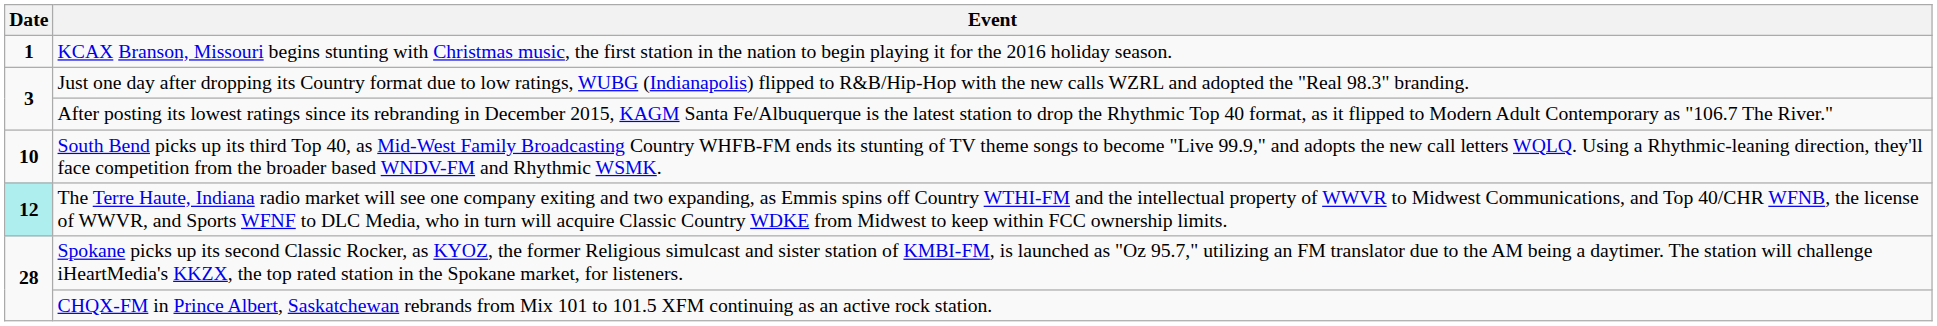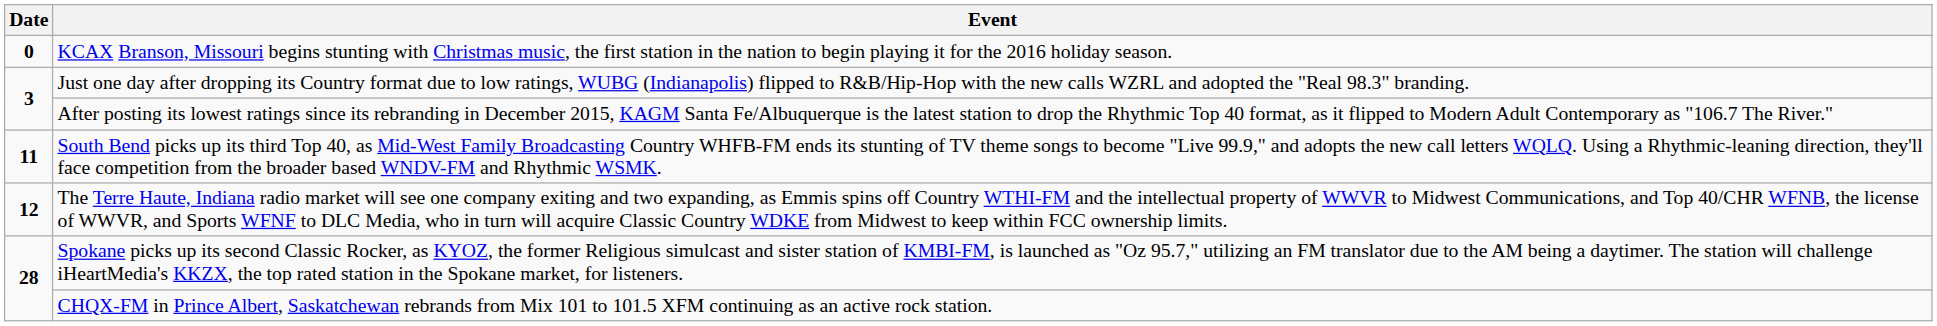 <table class="wikitable">
 <tr>
 <th>Date</th>
 <th>Event</th>
 </tr>
 <tr>
-<td style="text-align:center;"><strong>1</strong></td>
+<td style="text-align:center;"><strong>0</strong></td>
 <td><a href='#'>KCAX</a> <a href='#'>Branson, Missouri</a> begins stunting with <a href='#'>Christmas music</a>, the first station in the nation to begin playing it for the 2016 holiday season.</td>
 </tr>
 <tr>
 <td style="text-align:center;" rowspan=2><strong>3</strong></td>
 <td>Just one day after dropping its Country format due to low ratings, <a href='#'>WUBG</a> (<a href='#'>Indianapolis</a>) flipped to R&B/Hip-Hop with the new calls WZRL and adopted the "Real 98.3" branding.</td>
 </tr>
 <tr>
 <td>After posting its lowest ratings since its rebranding in December 2015, <a href='#'>KAGM</a> Santa Fe/Albuquerque is the latest station to drop the Rhythmic Top 40 format, as it flipped to Modern Adult Contemporary as "106.7 The River."</td>
 </tr>
 <tr>
-<td style="text-align:center;"><strong>10</strong></td>
+<td style="text-align:center;"><strong>11</strong></td>
 <td><a href='#'>South Bend</a> picks up its third Top 40, as <a href='#'>Mid-West Family Broadcasting</a> Country WHFB-FM ends its stunting of TV theme songs to become "Live 99.9," and adopts the new call letters <a href='#'>WQLQ</a>. Using a Rhythmic-leaning direction, they'll face competition from the broader based <a href='#'>WNDV-FM</a> and Rhythmic <a href='#'>WSMK</a>.</td>
 </tr>
 <tr>
-<td style="background: paleturquoise; text-align:center;"><strong>12</strong></td>
+<td style="text-align:center;"><strong>12</strong></td>
 <td>The <a href='#'>Terre Haute, Indiana</a> radio market will see one company exiting and two expanding, as Emmis spins off Country <a href='#'>WTHI-FM</a> and the intellectual property of <a href='#'>WWVR</a> to Midwest Communications, and Top 40/CHR <a href='#'>WFNB</a>, the license of WWVR, and Sports <a href='#'>WFNF</a> to DLC Media, who in turn will acquire Classic Country <a href='#'>WDKE</a> from Midwest to keep within FCC ownership limits.</td>
 </tr>
 <tr>
 <td style="text-align:center;" rowspan=2><strong>28</strong></td>
 <td><a href='#'>Spokane</a> picks up its second Classic Rocker, as <a href='#'>KYOZ</a>, the former Religious simulcast and sister station of <a href='#'>KMBI-FM</a>, is launched as "Oz 95.7," utilizing an FM translator due to the AM being a daytimer. The station will challenge iHeartMedia's <a href='#'>KKZX</a>, the top rated station in the Spokane market, for listeners.</td>
 </tr>
 <tr>
 <td><a href='#'>CHQX-FM</a> in <a href='#'>Prince Albert</a>, <a href='#'>Saskatchewan</a> rebrands from Mix 101 to 101.5 XFM continuing as an active rock station.</td>
 </tr>
 </table>
